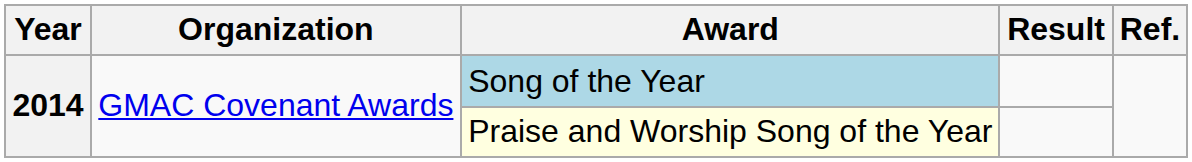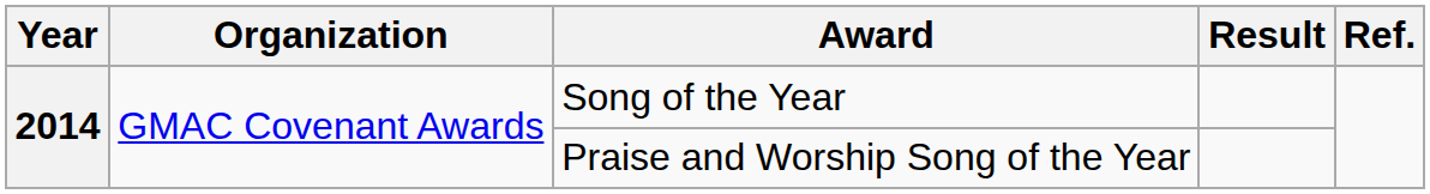 <table class="wikitable plainrowheaders">
 <tr>
 <th>Year</th>
 <th>Organization</th>
 <th>Award</th>
 <th>Result</th>
 <th>Ref.</th>
 </tr>
 <tr>
 <th scope="row" rowspan="2">2014</th>
 <td rowspan="2"><a href='#'>GMAC Covenant Awards</a></td>
-<td style="background: lightblue;">Song of the Year</td>
+<td>Song of the Year</td>
 <td></td>
 <td rowspan="2" style="text-align:center;"></td>
 </tr>
 <tr>
-<td style="background: lightyellow;">Praise and Worship Song of the Year</td>
+<td>Praise and Worship Song of the Year</td>
 <td></td>
 </tr>
 <tr>
 </tr>
 </table>
